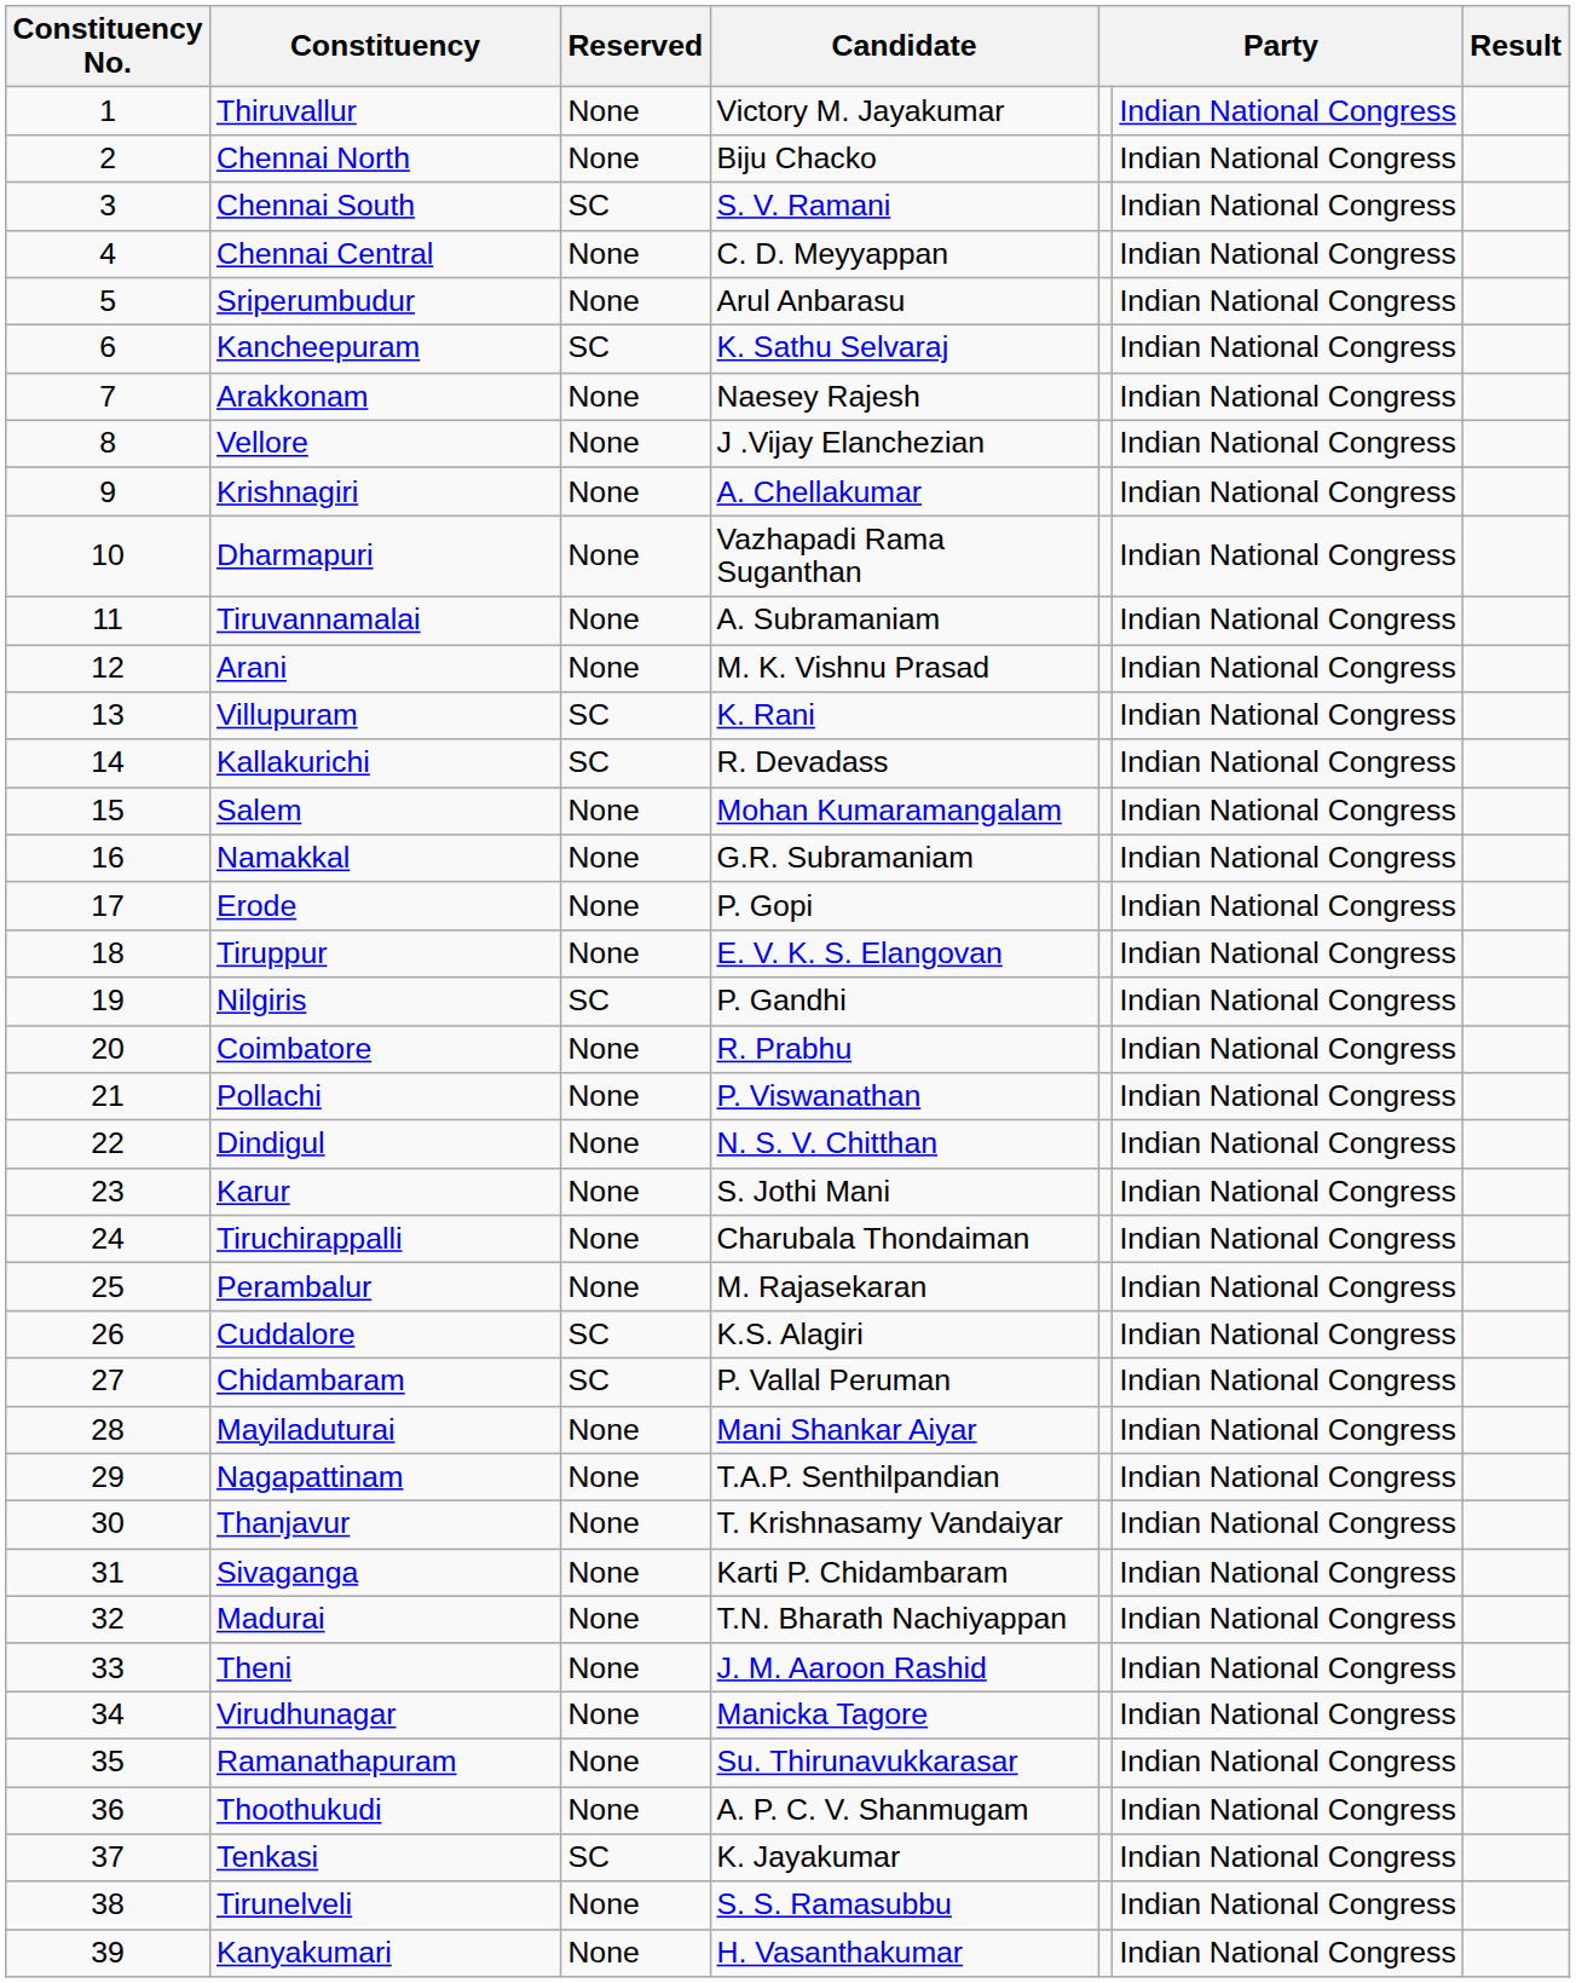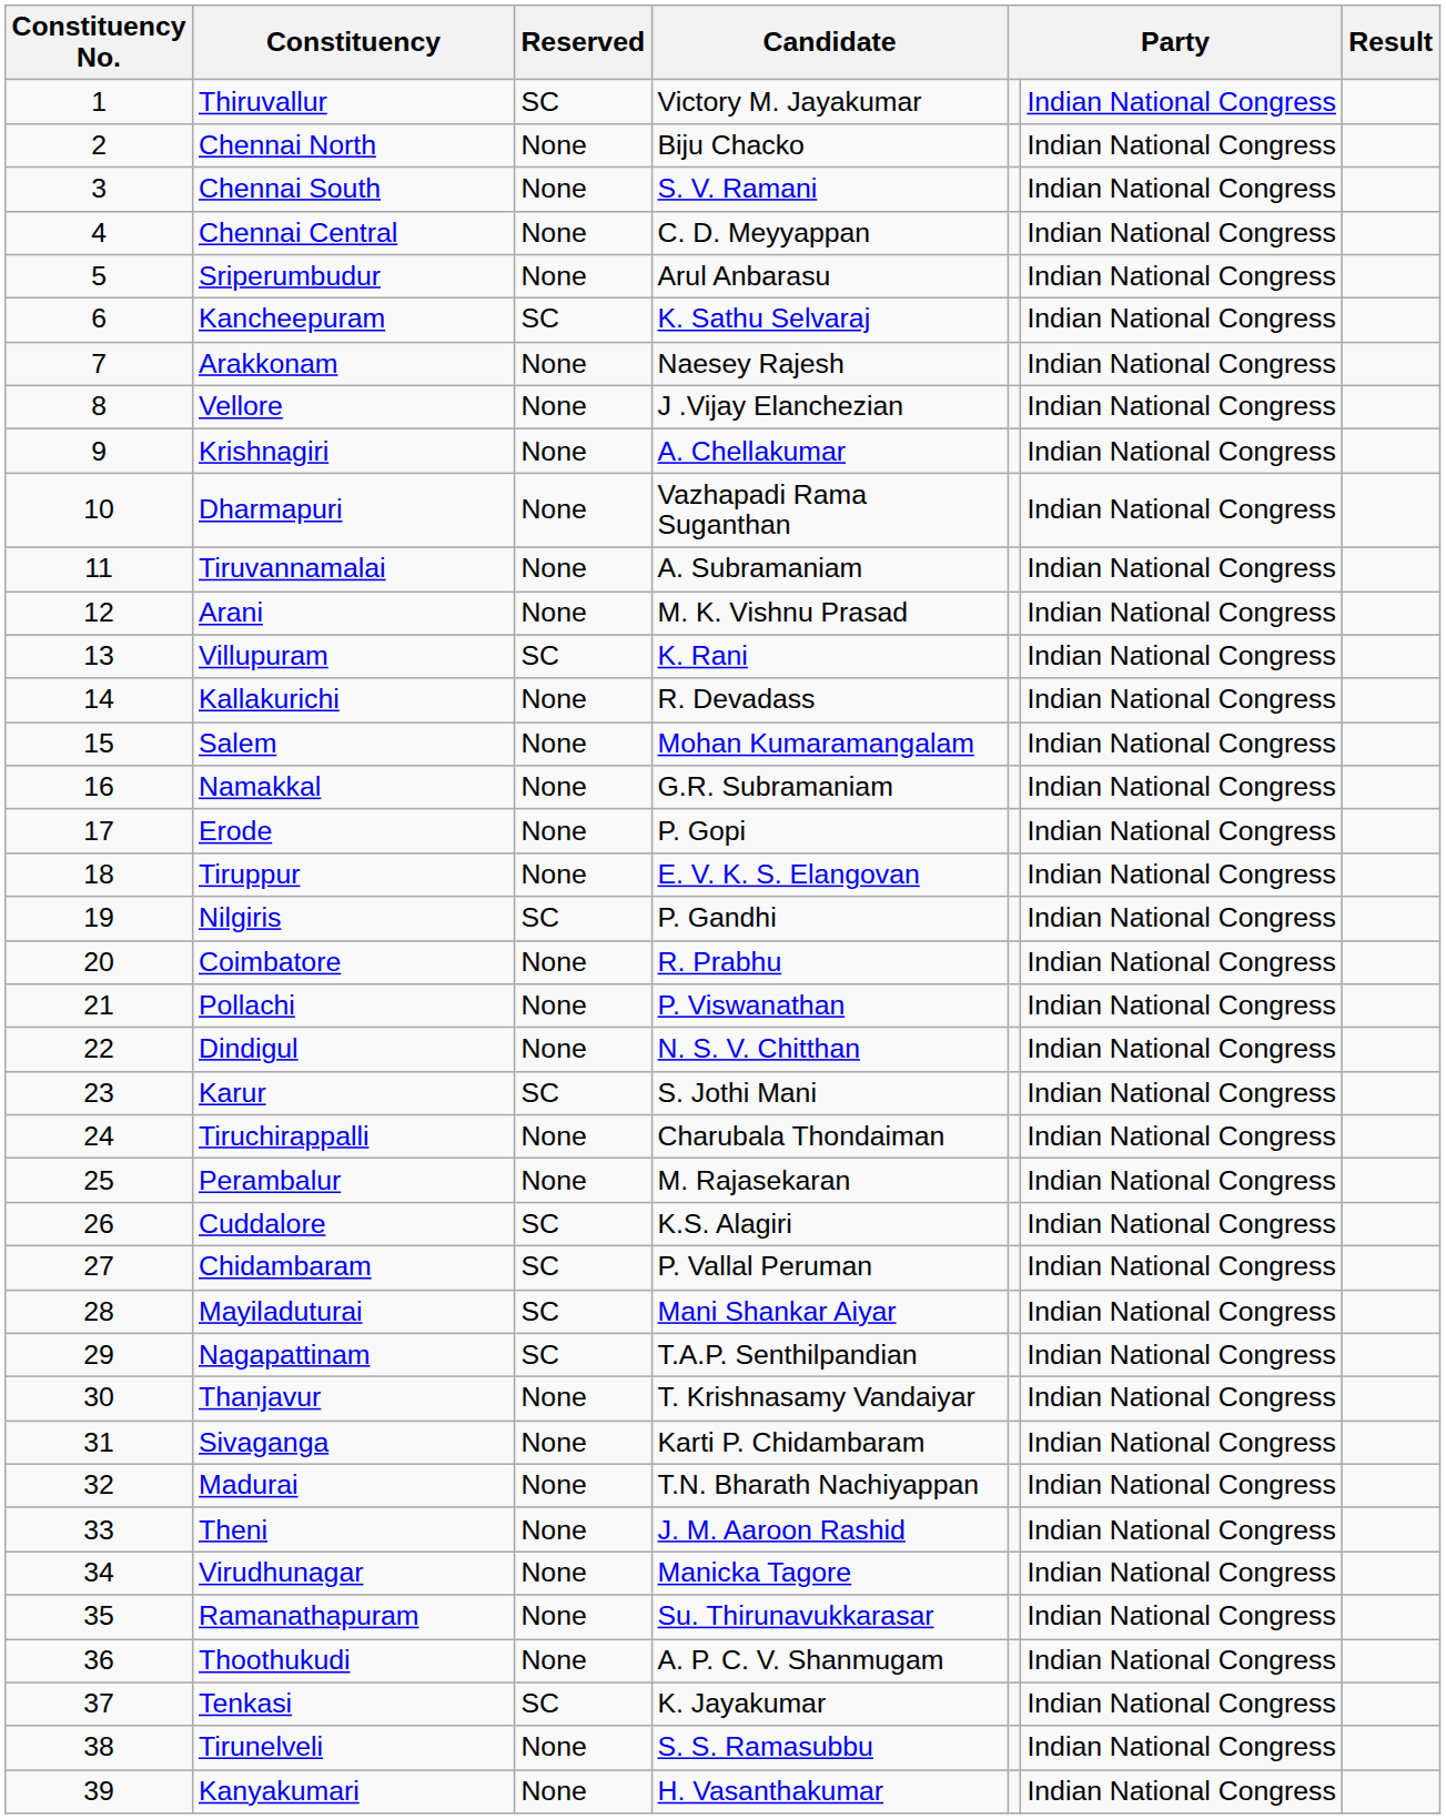 <table class= "wikitable sortable">
 <tr>
 <th>Constituency <br> No.</th>
 <th style="width:180px;">Constituency</th>
 <th>Reserved</th>
 <th style="width:200px;">Candidate</th>
 <th colspan=2>Party</th>
 <th>Result</th>
 </tr>
 <tr>
 <td align="center">1</td>
 <td><a href='#'>Thiruvallur</a></td>
-<td>None</td>
+<td>SC</td>
 <td>Victory M. Jayakumar</td>
 <td></td>
 <td><a href='#'>Indian National Congress</a></td>
 <td></td>
 </tr>
 <tr>
 <td align="center">2</td>
 <td><a href='#'>Chennai North</a></td>
 <td>None</td>
 <td>Biju Chacko</td>
 <td></td>
 <td>Indian National Congress</td>
 <td></td>
 </tr>
 <tr>
 <td align="center">3</td>
 <td><a href='#'>Chennai South</a></td>
-<td>SC</td>
+<td>None</td>
 <td><a href='#'>S. V. Ramani</a></td>
 <td></td>
 <td>Indian National Congress</td>
 <td></td>
 </tr>
 <tr>
 <td align="center">4</td>
 <td><a href='#'>Chennai Central</a></td>
 <td>None</td>
 <td>C. D. Meyyappan</td>
 <td></td>
 <td>Indian National Congress</td>
 <td></td>
 </tr>
 <tr>
 <td align="center">5</td>
 <td><a href='#'>Sriperumbudur</a></td>
 <td>None</td>
 <td>Arul Anbarasu</td>
 <td></td>
 <td>Indian National Congress</td>
 <td></td>
 </tr>
 <tr>
 <td align="center">6</td>
 <td><a href='#'>Kancheepuram</a></td>
 <td>SC</td>
 <td><a href='#'>K. Sathu Selvaraj</a></td>
 <td></td>
 <td>Indian National Congress</td>
 <td></td>
 </tr>
 <tr>
 <td align="center">7</td>
 <td><a href='#'>Arakkonam</a></td>
 <td>None</td>
 <td>Naesey Rajesh</td>
 <td></td>
 <td>Indian National Congress</td>
 <td></td>
 </tr>
 <tr>
 <td align="center">8</td>
 <td><a href='#'>Vellore</a></td>
 <td>None</td>
 <td>J .Vijay Elanchezian</td>
 <td></td>
 <td>Indian National Congress</td>
 <td></td>
 </tr>
 <tr>
 <td align="center">9</td>
 <td><a href='#'>Krishnagiri</a></td>
 <td>None</td>
 <td><a href='#'>A. Chellakumar</a></td>
 <td></td>
 <td>Indian National Congress</td>
 <td></td>
 </tr>
 <tr>
 <td align="center">10</td>
 <td><a href='#'>Dharmapuri</a></td>
 <td>None</td>
 <td>Vazhapadi Rama Suganthan</td>
 <td></td>
 <td>Indian National Congress</td>
 <td></td>
 </tr>
 <tr>
 <td align="center">11</td>
 <td><a href='#'>Tiruvannamalai</a></td>
 <td>None</td>
 <td>A. Subramaniam</td>
 <td></td>
 <td>Indian National Congress</td>
 <td></td>
 </tr>
 <tr>
 <td align="center">12</td>
 <td><a href='#'>Arani</a></td>
 <td>None</td>
 <td>M. K. Vishnu Prasad</td>
 <td></td>
 <td>Indian National Congress</td>
 <td></td>
 </tr>
 <tr>
 <td align="center">13</td>
 <td><a href='#'>Villupuram</a></td>
 <td>SC</td>
 <td><a href='#'>K. Rani</a></td>
 <td></td>
 <td>Indian National Congress</td>
 <td></td>
 </tr>
 <tr>
 <td align="center">14</td>
 <td><a href='#'>Kallakurichi</a></td>
-<td>SC</td>
+<td>None</td>
 <td>R. Devadass</td>
 <td></td>
 <td>Indian National Congress</td>
 <td></td>
 </tr>
 <tr>
 <td align="center">15</td>
 <td><a href='#'>Salem</a></td>
 <td>None</td>
 <td><a href='#'>Mohan Kumaramangalam</a></td>
 <td></td>
 <td>Indian National Congress</td>
 <td></td>
 </tr>
 <tr>
 <td align="center">16</td>
 <td><a href='#'>Namakkal</a></td>
 <td>None</td>
 <td>G.R. Subramaniam</td>
 <td></td>
 <td>Indian National Congress</td>
 <td></td>
 </tr>
 <tr>
 <td align="center">17</td>
 <td><a href='#'>Erode</a></td>
 <td>None</td>
 <td>P. Gopi</td>
 <td></td>
 <td>Indian National Congress</td>
 <td></td>
 </tr>
 <tr>
 <td align="center">18</td>
 <td><a href='#'>Tiruppur</a></td>
 <td>None</td>
 <td><a href='#'>E. V. K. S. Elangovan</a></td>
 <td></td>
 <td>Indian National Congress</td>
 <td></td>
 </tr>
 <tr>
 <td align="center">19</td>
 <td><a href='#'>Nilgiris</a></td>
 <td>SC</td>
 <td>P. Gandhi</td>
 <td></td>
 <td>Indian National Congress</td>
 <td></td>
 </tr>
 <tr>
 <td align="center">20</td>
 <td><a href='#'>Coimbatore</a></td>
 <td>None</td>
 <td><a href='#'>R. Prabhu</a></td>
 <td></td>
 <td>Indian National Congress</td>
 <td></td>
 </tr>
 <tr>
 <td align="center">21</td>
 <td><a href='#'>Pollachi</a></td>
 <td>None</td>
 <td><a href='#'>P. Viswanathan</a></td>
 <td></td>
 <td>Indian National Congress</td>
 <td></td>
 </tr>
 <tr>
 <td align="center">22</td>
 <td><a href='#'>Dindigul</a></td>
 <td>None</td>
 <td><a href='#'>N. S. V. Chitthan</a></td>
 <td></td>
 <td>Indian National Congress</td>
 <td></td>
 </tr>
 <tr>
 <td align="center">23</td>
 <td><a href='#'>Karur</a></td>
-<td>None</td>
+<td>SC</td>
 <td>S. Jothi Mani</td>
 <td></td>
 <td>Indian National Congress</td>
 <td></td>
 </tr>
 <tr>
 <td align="center">24</td>
 <td><a href='#'>Tiruchirappalli</a></td>
 <td>None</td>
 <td>Charubala Thondaiman</td>
 <td></td>
 <td>Indian National Congress</td>
 <td></td>
 </tr>
 <tr>
 <td align="center">25</td>
 <td><a href='#'>Perambalur</a></td>
 <td>None</td>
 <td>M. Rajasekaran</td>
 <td></td>
 <td>Indian National Congress</td>
 <td></td>
 </tr>
 <tr>
 <td align="center">26</td>
 <td><a href='#'>Cuddalore</a></td>
 <td>SC</td>
 <td>K.S. Alagiri</td>
 <td></td>
 <td>Indian National Congress</td>
 <td></td>
 </tr>
 <tr>
 <td align="center">27</td>
 <td><a href='#'>Chidambaram</a></td>
 <td>SC</td>
 <td>P. Vallal Peruman</td>
 <td></td>
 <td>Indian National Congress</td>
 <td></td>
 </tr>
 <tr>
 <td align="center">28</td>
 <td><a href='#'>Mayiladuturai</a></td>
-<td>None</td>
+<td>SC</td>
 <td><a href='#'>Mani Shankar Aiyar</a></td>
 <td></td>
 <td>Indian National Congress</td>
 <td></td>
 </tr>
 <tr>
 <td align="center">29</td>
 <td><a href='#'>Nagapattinam</a></td>
-<td>None</td>
+<td>SC</td>
 <td>T.A.P. Senthilpandian</td>
 <td></td>
 <td>Indian National Congress</td>
 <td></td>
 </tr>
 <tr>
 <td align="center">30</td>
 <td><a href='#'>Thanjavur</a></td>
 <td>None</td>
 <td>T. Krishnasamy Vandaiyar</td>
 <td></td>
 <td>Indian National Congress</td>
 <td></td>
 </tr>
 <tr>
 <td align="center">31</td>
 <td><a href='#'>Sivaganga</a></td>
 <td>None</td>
 <td>Karti P. Chidambaram</td>
 <td></td>
 <td>Indian National Congress</td>
 <td></td>
 </tr>
 <tr>
 <td align="center">32</td>
 <td><a href='#'>Madurai</a></td>
 <td>None</td>
 <td>T.N. Bharath Nachiyappan</td>
 <td></td>
 <td>Indian National Congress</td>
 <td></td>
 </tr>
 <tr>
 <td align="center">33</td>
 <td><a href='#'>Theni</a></td>
 <td>None</td>
 <td><a href='#'>J. M. Aaroon Rashid</a></td>
 <td></td>
 <td>Indian National Congress</td>
 <td></td>
 </tr>
 <tr>
 <td align="center">34</td>
 <td><a href='#'>Virudhunagar</a></td>
 <td>None</td>
 <td><a href='#'>Manicka Tagore</a></td>
 <td></td>
 <td>Indian National Congress</td>
 <td></td>
 </tr>
 <tr>
 <td align="center">35</td>
 <td><a href='#'>Ramanathapuram</a></td>
 <td>None</td>
 <td><a href='#'>Su. Thirunavukkarasar</a></td>
 <td></td>
 <td>Indian National Congress</td>
 <td></td>
 </tr>
 <tr>
 <td align="center">36</td>
 <td><a href='#'>Thoothukudi</a></td>
 <td>None</td>
 <td>A. P. C. V. Shanmugam</td>
 <td></td>
 <td>Indian National Congress</td>
 <td></td>
 </tr>
 <tr>
 <td align="center">37</td>
 <td><a href='#'>Tenkasi</a></td>
 <td>SC</td>
 <td>K. Jayakumar</td>
 <td></td>
 <td>Indian National Congress</td>
 <td></td>
 </tr>
 <tr>
 <td align="center">38</td>
 <td><a href='#'>Tirunelveli</a></td>
 <td>None</td>
 <td><a href='#'>S. S. Ramasubbu</a></td>
 <td></td>
 <td>Indian National Congress</td>
 <td></td>
 </tr>
 <tr>
 <td align="center">39</td>
 <td><a href='#'>Kanyakumari</a></td>
 <td>None</td>
 <td><a href='#'>H. Vasanthakumar</a></td>
 <td></td>
 <td>Indian National Congress</td>
 <td></td>
 </tr>
 </table>
